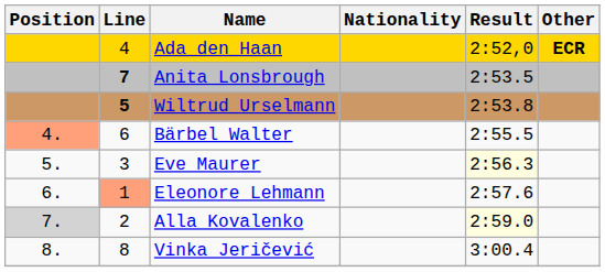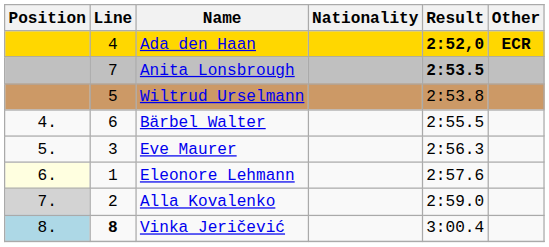 <table class="wikitable sortable" style="text-align:center">
 <tr>
 <th>Position</th>
 <th>Line</th>
 <th>Name</th>
 <th>Nationality</th>
 <th>Result</th>
 <th>Other</th>
 </tr>
 <tr bgcolor=gold>
 <td></td>
 <td>4</td>
 <td align=left><a href='#'>Ada den Haan</a></td>
 <td align=left></td>
-<td align=right>2:52,0</td>
+<td align=right><strong>2:52,0</strong></td>
 <td><strong>ECR</strong></td>
 </tr>
 <tr bgcolor=silver>
 <td></td>
-<td><strong>7</strong></td>
+<td>7</td>
 <td align=left><a href='#'>Anita Lonsbrough</a></td>
 <td align=left></td>
-<td align=right>2:53.5</td>
+<td align=right><strong>2:53.5</strong></td>
 <td></td>
 </tr>
 <tr bgcolor=cc9966>
 <td></td>
-<td><strong>5</strong></td>
+<td>5</td>
 <td align=left><a href='#'>Wiltrud Urselmann</a></td>
 <td align=left></td>
 <td align=right>2:53.8</td>
 <td></td>
 </tr>
 <tr>
-<td style="background: lightsalmon;">4.</td>
+<td>4.</td>
 <td>6</td>
 <td align=left><a href='#'>Bärbel Walter</a></td>
 <td align=left></td>
 <td align=right>2:55.5</td>
 <td></td>
 </tr>
 <tr>
 <td>5.</td>
 <td>3</td>
 <td align=left><a href='#'>Eve Maurer</a></td>
 <td align=left></td>
-<td align=right style="background: lightyellow;">2:56.3</td>
+<td align=right>2:56.3</td>
 <td></td>
 </tr>
 <tr>
-<td>6.</td>
-<td style="background: lightsalmon;">1</td>
+<td style="background: lightyellow;">6.</td>
+<td>1</td>
 <td align=left><a href='#'>Eleonore Lehmann</a></td>
 <td align=left></td>
 <td align=right>2:57.6</td>
 <td></td>
 </tr>
 <tr>
 <td style="background: lightgrey;">7.</td>
 <td>2</td>
 <td align=left><a href='#'>Alla Kovalenko</a></td>
 <td align=left></td>
-<td align=right style="background: lightyellow;">2:59.0</td>
+<td align=right>2:59.0</td>
 <td></td>
 </tr>
 <tr>
-<td>8.</td>
-<td>8</td>
+<td style="background: lightblue;">8.</td>
+<td><strong>8</strong></td>
 <td align=left><a href='#'>Vinka Jeričević</a></td>
 <td align=left></td>
 <td align=right>3:00.4</td>
 <td></td>
 </tr>
 <tr>
 </tr>
 </table>
